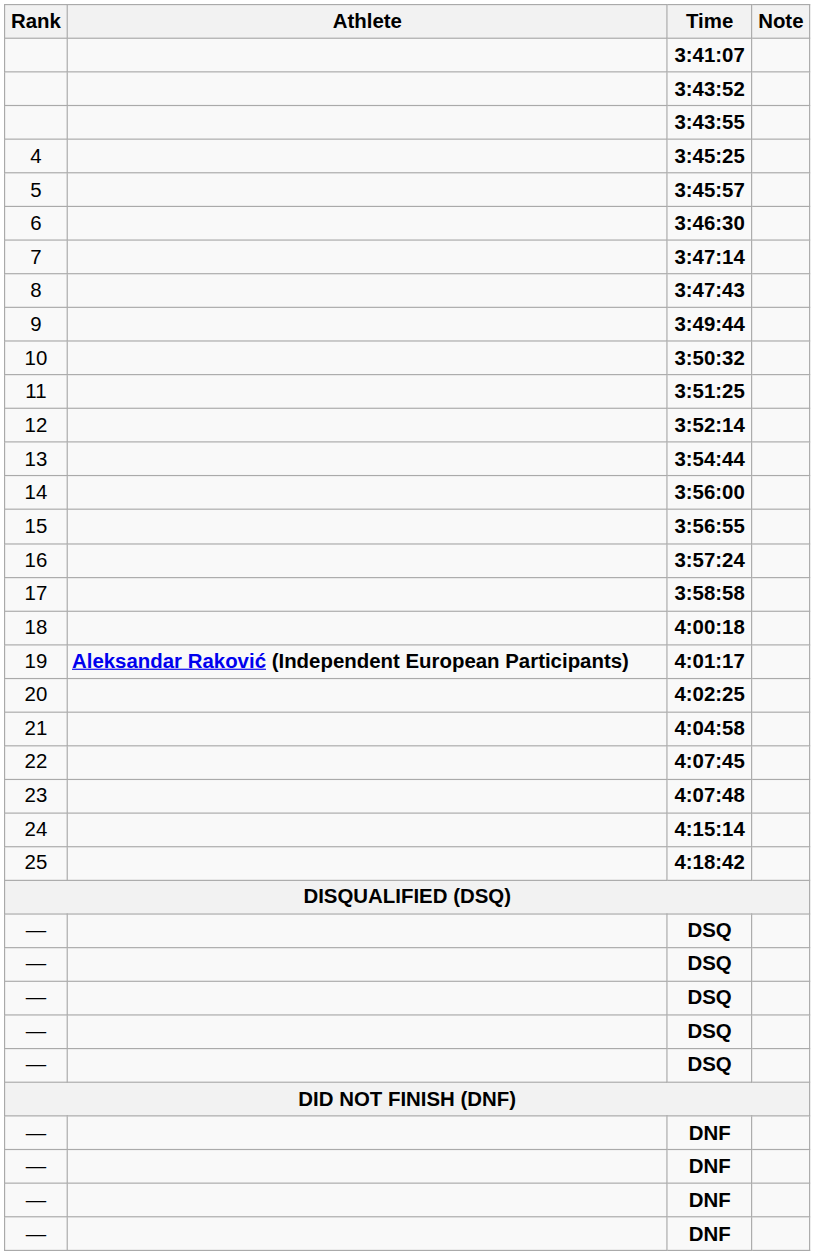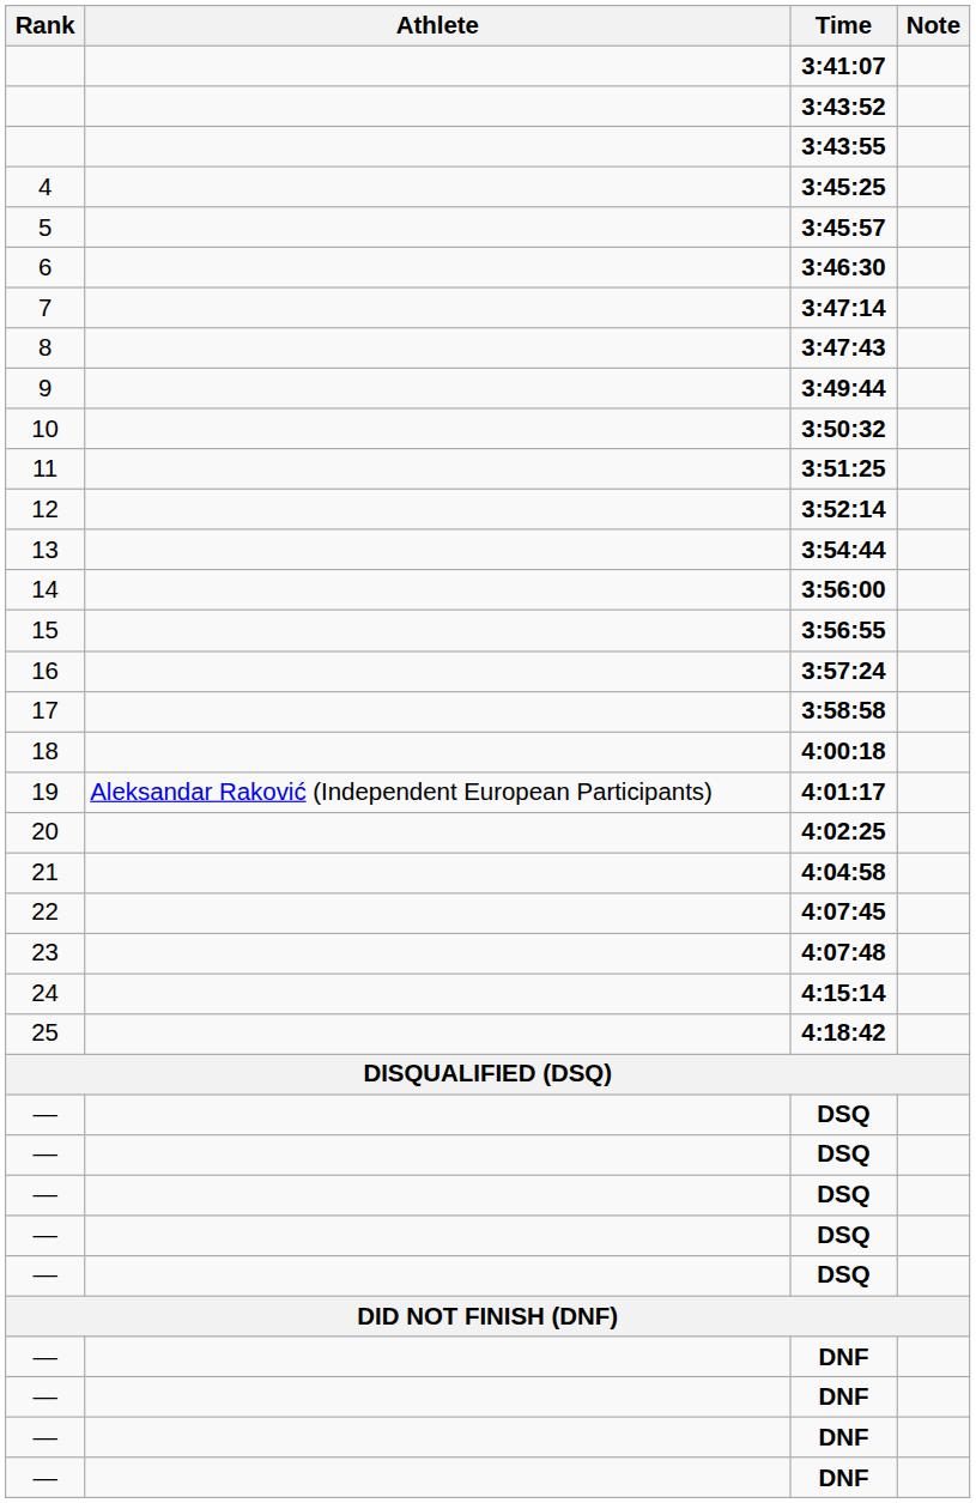 <table class="wikitable" style=" text-align:center; font-size:110%;" width="55%">
 <tr>
 <th>Rank</th>
 <th>Athlete</th>
 <th>Time</th>
 <th>Note</th>
 </tr>
 <tr>
 <td></td>
 <td align=left></td>
 <td><strong>3:41:07</strong></td>
 <td></td>
 </tr>
 <tr>
 <td></td>
 <td align=left></td>
 <td><strong>3:43:52</strong></td>
 <td></td>
 </tr>
 <tr>
 <td></td>
 <td align=left></td>
 <td><strong>3:43:55</strong></td>
 <td></td>
 </tr>
 <tr>
 <td>4</td>
 <td align=left></td>
 <td><strong>3:45:25</strong></td>
 <td></td>
 </tr>
 <tr>
 <td>5</td>
 <td align=left></td>
 <td><strong>3:45:57</strong></td>
 <td></td>
 </tr>
 <tr>
 <td>6</td>
 <td align=left></td>
 <td><strong>3:46:30</strong></td>
 <td></td>
 </tr>
 <tr>
 <td>7</td>
 <td align=left></td>
 <td><strong>3:47:14</strong></td>
 <td></td>
 </tr>
 <tr>
 <td>8</td>
 <td align=left></td>
 <td><strong>3:47:43</strong></td>
 <td></td>
 </tr>
 <tr>
 <td>9</td>
 <td align=left></td>
 <td><strong>3:49:44</strong></td>
 <td></td>
 </tr>
 <tr>
 <td>10</td>
 <td align=left></td>
 <td><strong>3:50:32</strong></td>
 <td></td>
 </tr>
 <tr>
 <td>11</td>
 <td align=left></td>
 <td><strong>3:51:25</strong></td>
 <td></td>
 </tr>
 <tr>
 <td>12</td>
 <td align=left></td>
 <td><strong>3:52:14</strong></td>
 <td></td>
 </tr>
 <tr>
 <td>13</td>
 <td align=left></td>
 <td><strong>3:54:44</strong></td>
 <td></td>
 </tr>
 <tr>
 <td>14</td>
 <td align=left></td>
 <td><strong>3:56:00</strong></td>
 <td></td>
 </tr>
 <tr>
 <td>15</td>
 <td align=left></td>
 <td><strong>3:56:55</strong></td>
 <td></td>
 </tr>
 <tr>
 <td>16</td>
 <td align=left></td>
 <td><strong>3:57:24</strong></td>
 <td></td>
 </tr>
 <tr>
 <td>17</td>
 <td align=left></td>
 <td><strong>3:58:58</strong></td>
 <td></td>
 </tr>
 <tr>
 <td>18</td>
 <td align=left></td>
 <td><strong>4:00:18</strong></td>
 <td></td>
 </tr>
 <tr>
 <td>19</td>
-<td align=left><strong><a href='#'>Aleksandar Raković</a> (Independent European Participants)</strong></td>
+<td align=left><a href='#'>Aleksandar Raković</a> (Independent European Participants)</td>
 <td><strong>4:01:17</strong></td>
 <td></td>
 </tr>
 <tr>
 <td>20</td>
 <td align=left></td>
 <td><strong>4:02:25</strong></td>
 <td></td>
 </tr>
 <tr>
 <td>21</td>
 <td align=left></td>
 <td><strong>4:04:58</strong></td>
 <td></td>
 </tr>
 <tr>
 <td>22</td>
 <td align=left></td>
 <td><strong>4:07:45</strong></td>
 <td></td>
 </tr>
 <tr>
 <td>23</td>
 <td align=left></td>
 <td><strong>4:07:48</strong></td>
 <td></td>
 </tr>
 <tr>
 <td>24</td>
 <td align=left></td>
 <td><strong>4:15:14</strong></td>
 <td></td>
 </tr>
 <tr>
 <td>25</td>
 <td align=left></td>
 <td><strong>4:18:42</strong></td>
 <td></td>
 </tr>
 <tr>
 <th colspan="4">DISQUALIFIED (DSQ)</th>
 </tr>
 <tr>
 <td>—</td>
 <td align=left></td>
 <td><strong>DSQ</strong></td>
 <td></td>
 </tr>
 <tr>
 <td>—</td>
 <td align=left></td>
 <td><strong>DSQ</strong></td>
 <td></td>
 </tr>
 <tr>
 <td>—</td>
 <td align=left></td>
 <td><strong>DSQ</strong></td>
 <td></td>
 </tr>
 <tr>
 <td>—</td>
 <td align=left></td>
 <td><strong>DSQ</strong></td>
 <td></td>
 </tr>
 <tr>
 <td>—</td>
 <td align=left></td>
 <td><strong>DSQ</strong></td>
 <td></td>
 </tr>
 <tr>
 <th colspan="4">DID NOT FINISH (DNF)</th>
 </tr>
 <tr>
 <td>—</td>
 <td align=left></td>
 <td><strong>DNF </strong></td>
 <td></td>
 </tr>
 <tr>
 <td>—</td>
 <td align=left></td>
 <td><strong>DNF </strong></td>
 <td></td>
 </tr>
 <tr>
 <td>—</td>
 <td align=left></td>
 <td><strong>DNF </strong></td>
 <td></td>
 </tr>
 <tr>
 <td>—</td>
 <td align=left></td>
 <td><strong>DNF </strong></td>
 <td></td>
 </tr>
 </table>
